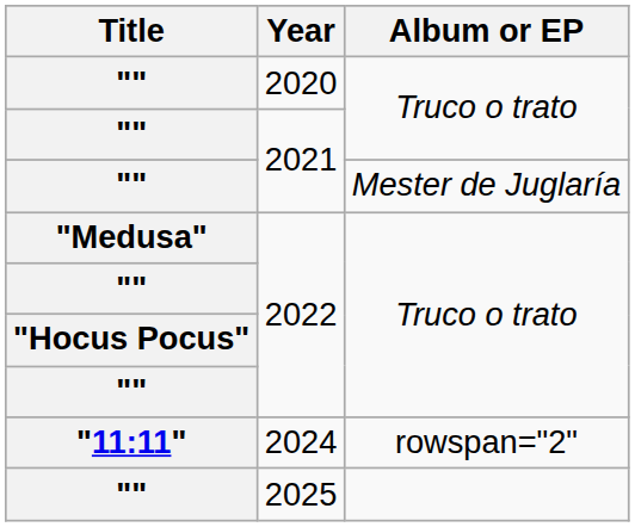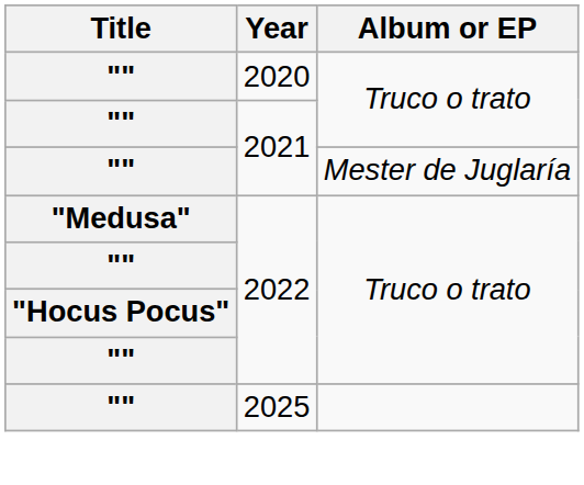 <table class="wikitable plainrowheaders" style="text-align:center;">
 <tr>
 <th scope="col">Title</th>
 <th scope="col">Year</th>
 <th scope="col">Album or EP</th>
 </tr>
 <tr>
 <th scope="row">""</th>
 <td>2020</td>
 <td rowspan="2"><em>Truco o trato</em></td>
 </tr>
 <tr>
 <th scope="row">""</th>
 <td rowspan="2">2021</td>
 </tr>
 <tr>
 <th scope="row">""</th>
 <td><em>Mester de Juglaría</em></td>
 </tr>
 <tr>
 <th scope="row">"Medusa"</th>
 <td rowspan="4">2022</td>
 <td rowspan="4"><em>Truco o trato</em></td>
 </tr>
 <tr>
 <th scope="row">""</th>
 </tr>
 <tr>
 <th scope="row">"Hocus Pocus"</th>
 </tr>
 <tr>
 <th scope="row">""</th>
 </tr>
 <tr>
-<th scope="row">"<a href='#'>11:11</a>"</th>
-<td>2024</td>
-<td>rowspan="2" </td>
-</tr>
-<tr>
 <th scope="row">""</th>
 <td>2025</td>
 </tr>
 </table>
